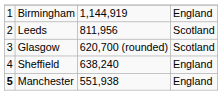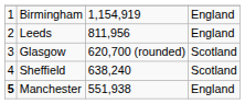 <table class="wikitable" style="display: inline-table;">
 <tr>
 </tr>
 <tr>
 <td>1</td>
 <td>Birmingham</td>
-<td>1,144,919</td>
+<td>1,154,919</td>
 <td>England</td>
 </tr>
 <tr>
 <td>2</td>
 <td>Leeds</td>
 <td>811,956</td>
-<td>Scotland</td>
+<td>England</td>
 </tr>
 <tr>
 <td>3</td>
 <td>Glasgow</td>
 <td>620,700 (rounded)</td>
 <td>Scotland</td>
 </tr>
 <tr>
 <td>4</td>
 <td>Sheffield</td>
 <td>638,240</td>
-<td>England</td>
+<td>Scotland</td>
 </tr>
 <tr>
 <td><strong>5</strong></td>
 <td>Manchester</td>
 <td>551,938</td>
 <td>England</td>
 </tr>
 </table>
